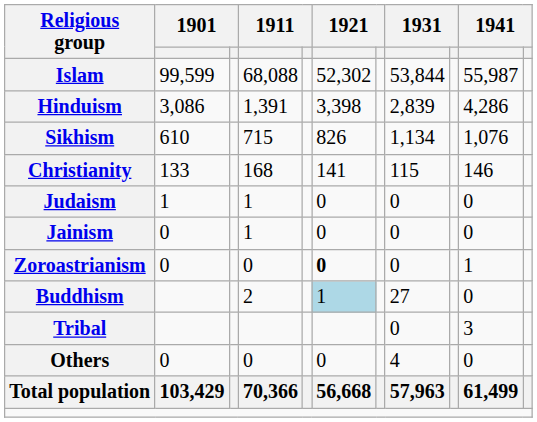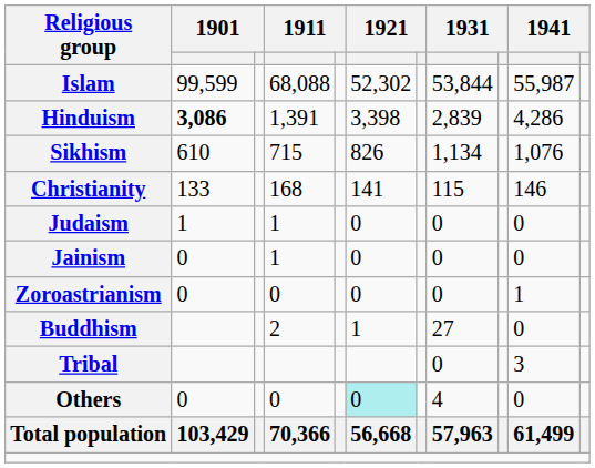 <table class="wikitable sortable">
 <tr>
 <th rowspan="2"><a href='#'>Religious</a><br>group</th>
 <th colspan="2">1901</th>
 <th colspan="2">1911</th>
 <th colspan="2">1921</th>
 <th colspan="2">1931</th>
 <th colspan="2">1941</th>
 </tr>
 <tr>
 <th><a href='#'></a></th>
 <th></th>
 <th></th>
 <th></th>
 <th></th>
 <th></th>
 <th></th>
 <th></th>
 <th></th>
 <th></th>
 </tr>
 <tr>
 <th><a href='#'>Islam</a> </th>
 <td>99,599</td>
 <td></td>
 <td>68,088</td>
 <td></td>
 <td>52,302</td>
 <td></td>
 <td>53,844</td>
 <td></td>
 <td>55,987</td>
 <td></td>
 </tr>
 <tr>
 <th><a href='#'>Hinduism</a> </th>
-<td>3,086</td>
+<td><strong>3,086</strong></td>
 <td></td>
 <td>1,391</td>
 <td></td>
 <td>3,398</td>
 <td></td>
 <td>2,839</td>
 <td></td>
 <td>4,286</td>
 <td></td>
 </tr>
 <tr>
 <th><a href='#'>Sikhism</a> </th>
 <td>610</td>
 <td></td>
 <td>715</td>
 <td></td>
 <td>826</td>
 <td></td>
 <td>1,134</td>
 <td></td>
 <td>1,076</td>
 <td></td>
 </tr>
 <tr>
 <th><a href='#'>Christianity</a> </th>
 <td>133</td>
 <td></td>
 <td>168</td>
 <td></td>
 <td>141</td>
 <td></td>
 <td>115</td>
 <td></td>
 <td>146</td>
 <td></td>
 </tr>
 <tr>
 <th><a href='#'>Judaism</a> </th>
 <td>1</td>
 <td></td>
 <td>1</td>
 <td></td>
 <td>0</td>
 <td></td>
 <td>0</td>
 <td></td>
 <td>0</td>
 <td></td>
 </tr>
 <tr>
 <th><a href='#'>Jainism</a> </th>
 <td>0</td>
 <td></td>
 <td>1</td>
 <td></td>
 <td>0</td>
 <td></td>
 <td>0</td>
 <td></td>
 <td>0</td>
 <td></td>
 </tr>
 <tr>
 <th><a href='#'>Zoroastrianism</a> </th>
 <td>0</td>
 <td></td>
 <td>0</td>
 <td></td>
-<td><strong>0</strong></td>
+<td>0</td>
 <td></td>
 <td>0</td>
 <td></td>
 <td>1</td>
 <td></td>
 </tr>
 <tr>
 <th><a href='#'>Buddhism</a> </th>
 <td></td>
 <td></td>
 <td>2</td>
 <td></td>
-<td style="background: lightblue;">1</td>
+<td>1</td>
 <td></td>
 <td>27</td>
 <td></td>
 <td>0</td>
 <td></td>
 </tr>
 <tr>
 <th><a href='#'>Tribal</a></th>
 <td></td>
 <td></td>
 <td></td>
 <td></td>
 <td></td>
 <td></td>
 <td>0</td>
 <td></td>
 <td>3</td>
 <td></td>
 </tr>
 <tr>
 <th>Others</th>
 <td>0</td>
 <td></td>
 <td>0</td>
 <td></td>
-<td>0</td>
+<td style="background: paleturquoise;">0</td>
 <td></td>
 <td>4</td>
 <td></td>
 <td>0</td>
 <td></td>
 </tr>
 <tr>
 <th>Total population</th>
 <th>103,429</th>
 <th></th>
 <th>70,366</th>
 <th></th>
 <th>56,668</th>
 <th></th>
 <th>57,963</th>
 <th></th>
 <th>61,499</th>
 <th></th>
 </tr>
 <tr class="sortbottom">
 <td colspan="11"></td>
 </tr>
 </table>
